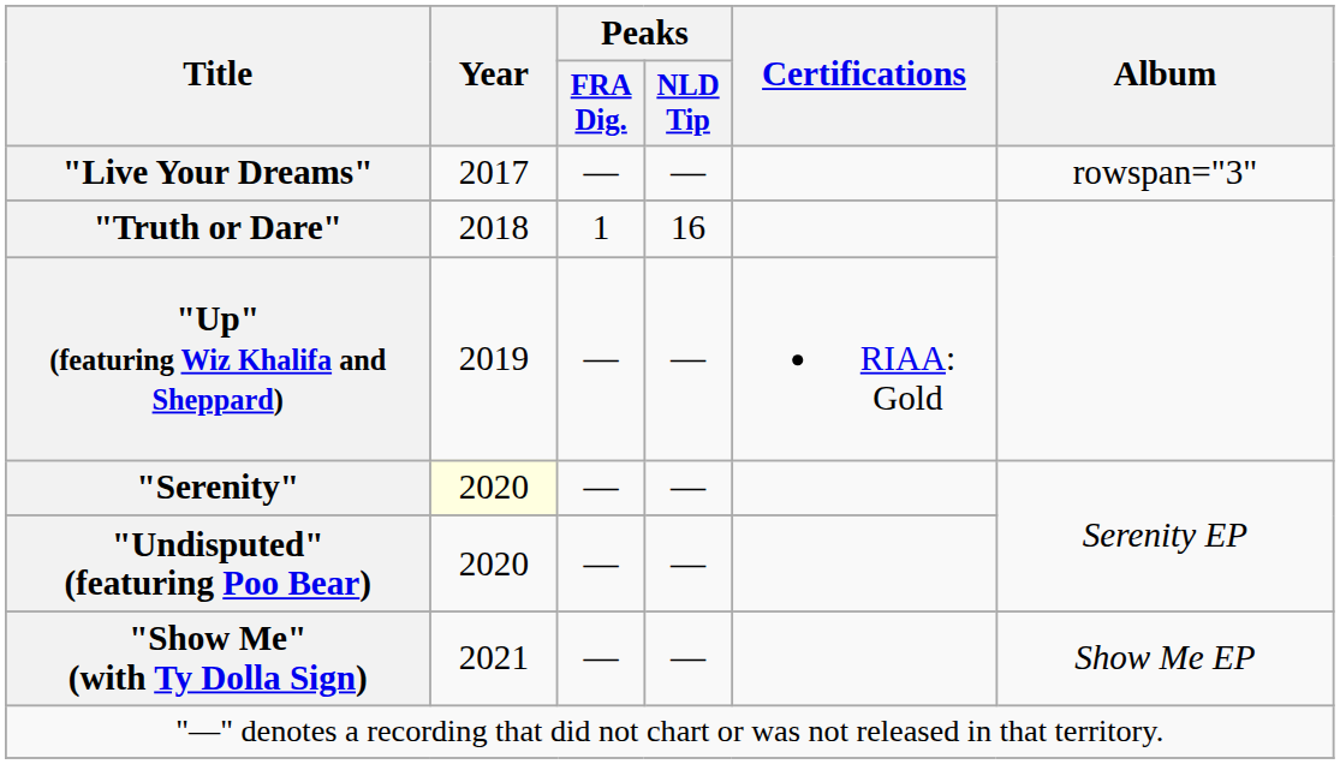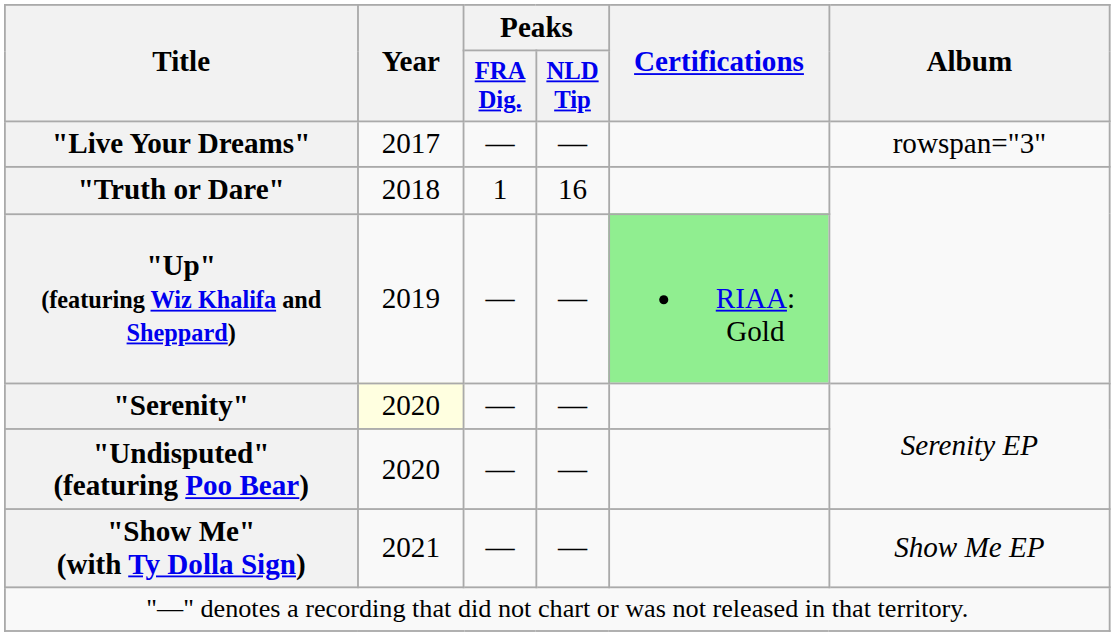 <table class="wikitable plainrowheaders" style="text-align:center">
 <tr>
 <th scope="col" rowspan="2" style="width:20em;">Title</th>
 <th scope="col" rowspan="2" style="width:5em;">Year</th>
 <th scope="col" colspan="2">Peaks</th>
 <th scope="col" rowspan="2" style="width:9em;"><a href='#'>Certifications</a></th>
 <th scope="col" rowspan="2" style="width:15em;">Album</th>
 </tr>
 <tr>
 <th style="width:3em;font-size:85%;"><a href='#'>FRA<br>Dig.</a><br></th>
 <th style="width:3em;font-size:85%;"><a href='#'>NLD<br>Tip</a><br></th>
 </tr>
 <tr>
 <th scope="row">"Live Your Dreams"</th>
 <td>2017</td>
 <td>—</td>
 <td>—</td>
 <td></td>
 <td>rowspan="3" </td>
 </tr>
 <tr>
 <th scope="row">"Truth or Dare"</th>
 <td>2018</td>
 <td>1</td>
 <td>16</td>
 <td></td>
 </tr>
 <tr>
 <th scope="row">"Up"<br><small>(featuring <a href='#'>Wiz Khalifa</a> and <a href='#'>Sheppard</a>)</small></th>
 <td>2019</td>
 <td>—</td>
 <td>—</td>
-<td><br><ul><li><a href='#'>RIAA</a>: Gold</li></ul></td>
+<td style="background: lightgreen;"><br><ul><li><a href='#'>RIAA</a>: Gold</li></ul></td>
 </tr>
 <tr>
 <th>"Serenity"</th>
 <td style="background: lightyellow;">2020</td>
 <td>—</td>
 <td>—</td>
 <td></td>
 <td rowspan="2"><em>Serenity EP</em></td>
 </tr>
 <tr>
 <th>"Undisputed"<br>(featuring <a href='#'>Poo Bear</a>)</th>
 <td>2020</td>
 <td>—</td>
 <td>—</td>
 <td></td>
 </tr>
 <tr>
 <th>"Show Me"<br>(with <a href='#'>Ty Dolla Sign</a>)</th>
 <td>2021</td>
 <td>—</td>
 <td>—</td>
 <td></td>
 <td><em>Show Me EP</em></td>
 </tr>
 <tr>
 <td colspan="15" style="font-size:90%">"—" denotes a recording that did not chart or was not released in that territory.</td>
 </tr>
 </table>
